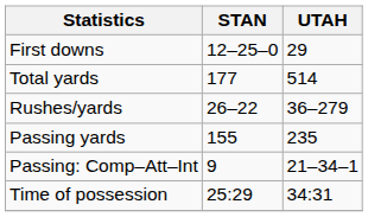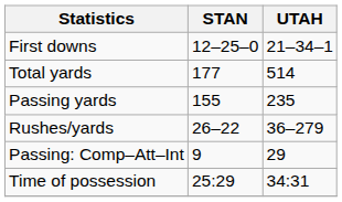 <table class="wikitable" style="float: left;">
 <tr>
 <th>Statistics</th>
 <th>STAN</th>
 <th>UTAH</th>
 </tr>
 <tr>
 <td>First downs</td>
 <td>12–25–0</td>
-<td>29</td>
+<td>21–34–1</td>
 </tr>
 <tr>
 <td>Total yards</td>
 <td>177</td>
 <td>514</td>
 </tr>
 <tr>
+<td>Passing yards</td>
+<td>155</td>
+<td>235</td>
+</tr>
+<tr>
 <td>Rushes/yards</td>
 <td>26–22</td>
 <td>36–279</td>
 </tr>
 <tr>
-<td>Passing yards</td>
-<td>155</td>
-<td>235</td>
-</tr>
-<tr>
 <td>Passing: Comp–Att–Int</td>
 <td>9</td>
-<td>21–34–1</td>
+<td>29</td>
 </tr>
 <tr>
 <td>Time of possession</td>
 <td>25:29</td>
 <td>34:31</td>
 </tr>
 <tr>
 </tr>
 </table>
